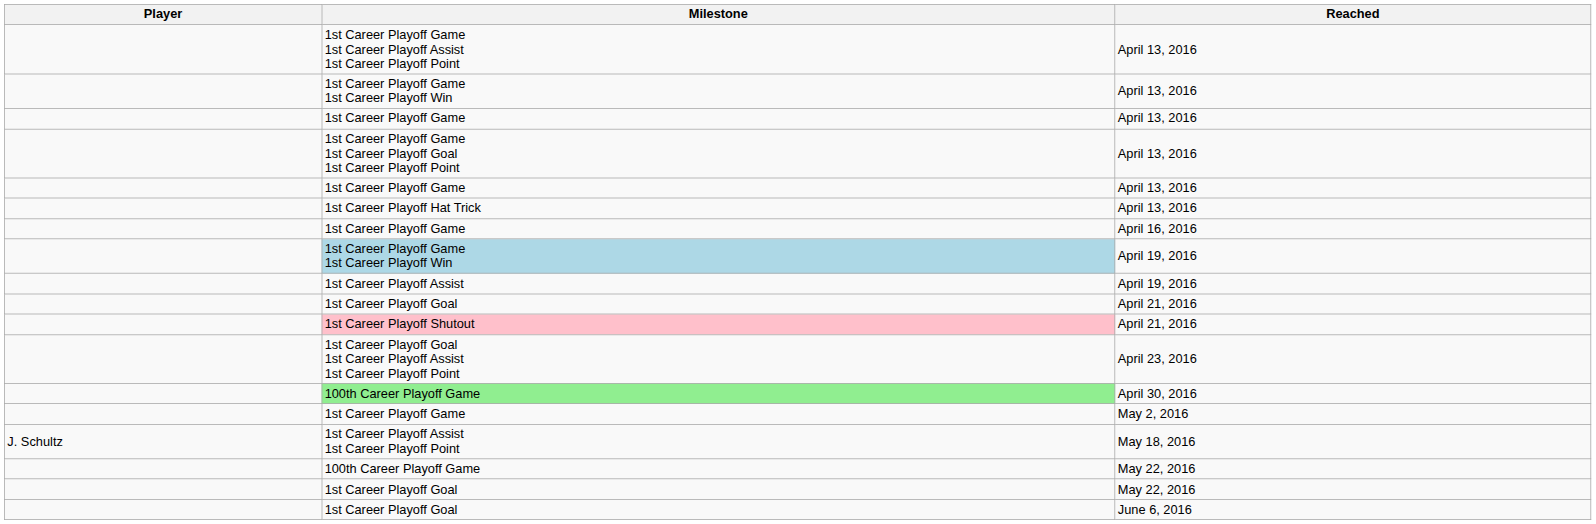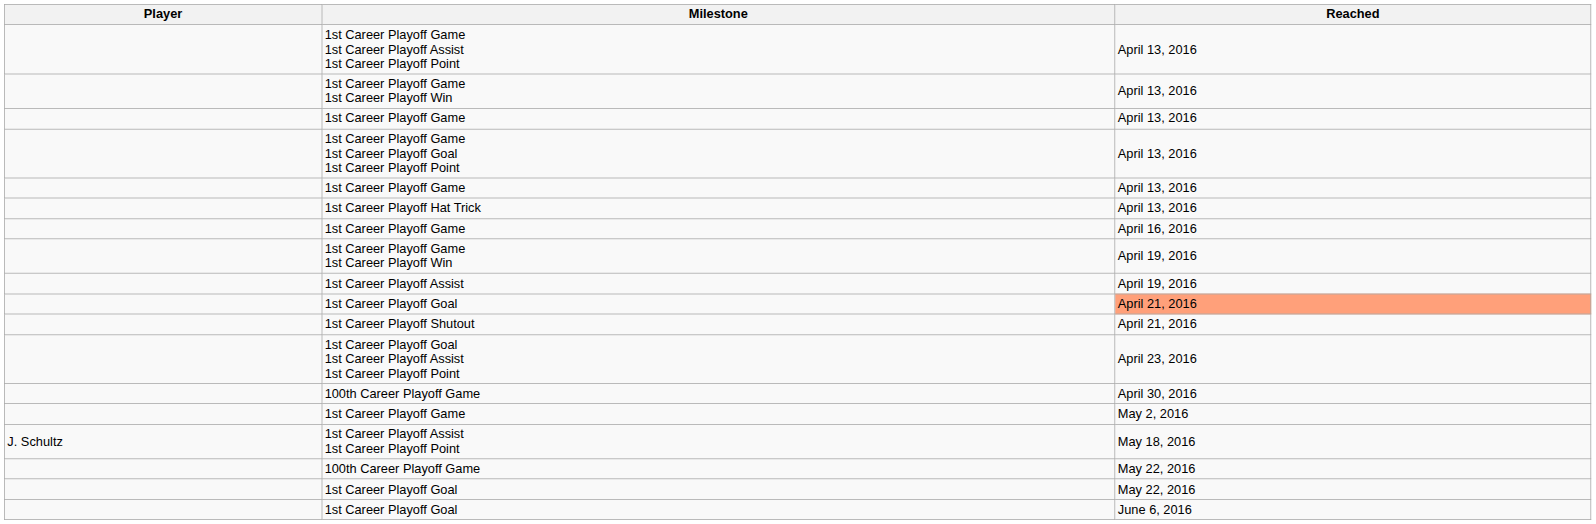 <table class="wikitable sortable" style="width:100%;">
 <tr align=center>
 <th style="width:20%;">Player</th>
 <th style="width:50%;">Milestone</th>
 <th style="width:30%;" data-sort-type="date">Reached</th>
 </tr>
 <tr>
 <td></td>
 <td>1st Career Playoff Game<br>1st Career Playoff Assist<br>1st Career Playoff Point</td>
 <td>April 13, 2016</td>
 </tr>
 <tr>
 <td></td>
 <td>1st Career Playoff Game<br>1st Career Playoff Win</td>
 <td>April 13, 2016</td>
 </tr>
 <tr>
 <td></td>
 <td>1st Career Playoff Game</td>
 <td>April 13, 2016</td>
 </tr>
 <tr>
 <td></td>
 <td>1st Career Playoff Game<br>1st Career Playoff Goal<br>1st Career Playoff Point</td>
 <td>April 13, 2016</td>
 </tr>
 <tr>
 <td></td>
 <td>1st Career Playoff Game</td>
 <td>April 13, 2016</td>
 </tr>
 <tr>
 <td></td>
 <td>1st Career Playoff Hat Trick</td>
 <td>April 13, 2016</td>
 </tr>
 <tr>
 <td></td>
 <td>1st Career Playoff Game</td>
 <td>April 16, 2016</td>
 </tr>
 <tr>
 <td></td>
-<td style="background: lightblue;">1st Career Playoff Game<br>1st Career Playoff Win</td>
+<td>1st Career Playoff Game<br>1st Career Playoff Win</td>
 <td>April 19, 2016</td>
 </tr>
 <tr>
 <td></td>
 <td>1st Career Playoff Assist</td>
 <td>April 19, 2016</td>
 </tr>
 <tr>
 <td></td>
 <td>1st Career Playoff Goal</td>
-<td>April 21, 2016</td>
+<td style="background: lightsalmon;">April 21, 2016</td>
 </tr>
 <tr>
 <td></td>
-<td style="background: pink;">1st Career Playoff Shutout</td>
+<td>1st Career Playoff Shutout</td>
 <td>April 21, 2016</td>
 </tr>
 <tr>
 <td></td>
 <td>1st Career Playoff Goal<br>1st Career Playoff Assist<br>1st Career Playoff Point</td>
 <td>April 23, 2016</td>
 </tr>
 <tr>
 <td></td>
-<td style="background: lightgreen;">100th Career Playoff Game</td>
+<td>100th Career Playoff Game</td>
 <td>April 30, 2016</td>
 </tr>
 <tr>
 <td></td>
 <td>1st Career Playoff Game</td>
 <td>May 2, 2016</td>
 </tr>
 <tr>
 <td>J. Schultz</td>
 <td>1st Career Playoff Assist<br>1st Career Playoff Point</td>
 <td>May 18, 2016</td>
 </tr>
 <tr>
 <td></td>
 <td>100th Career Playoff Game</td>
 <td>May 22, 2016</td>
 </tr>
 <tr>
 <td></td>
 <td>1st Career Playoff Goal</td>
 <td>May 22, 2016</td>
 </tr>
 <tr>
 <td></td>
 <td>1st Career Playoff Goal</td>
 <td>June 6, 2016</td>
 </tr>
 </table>
